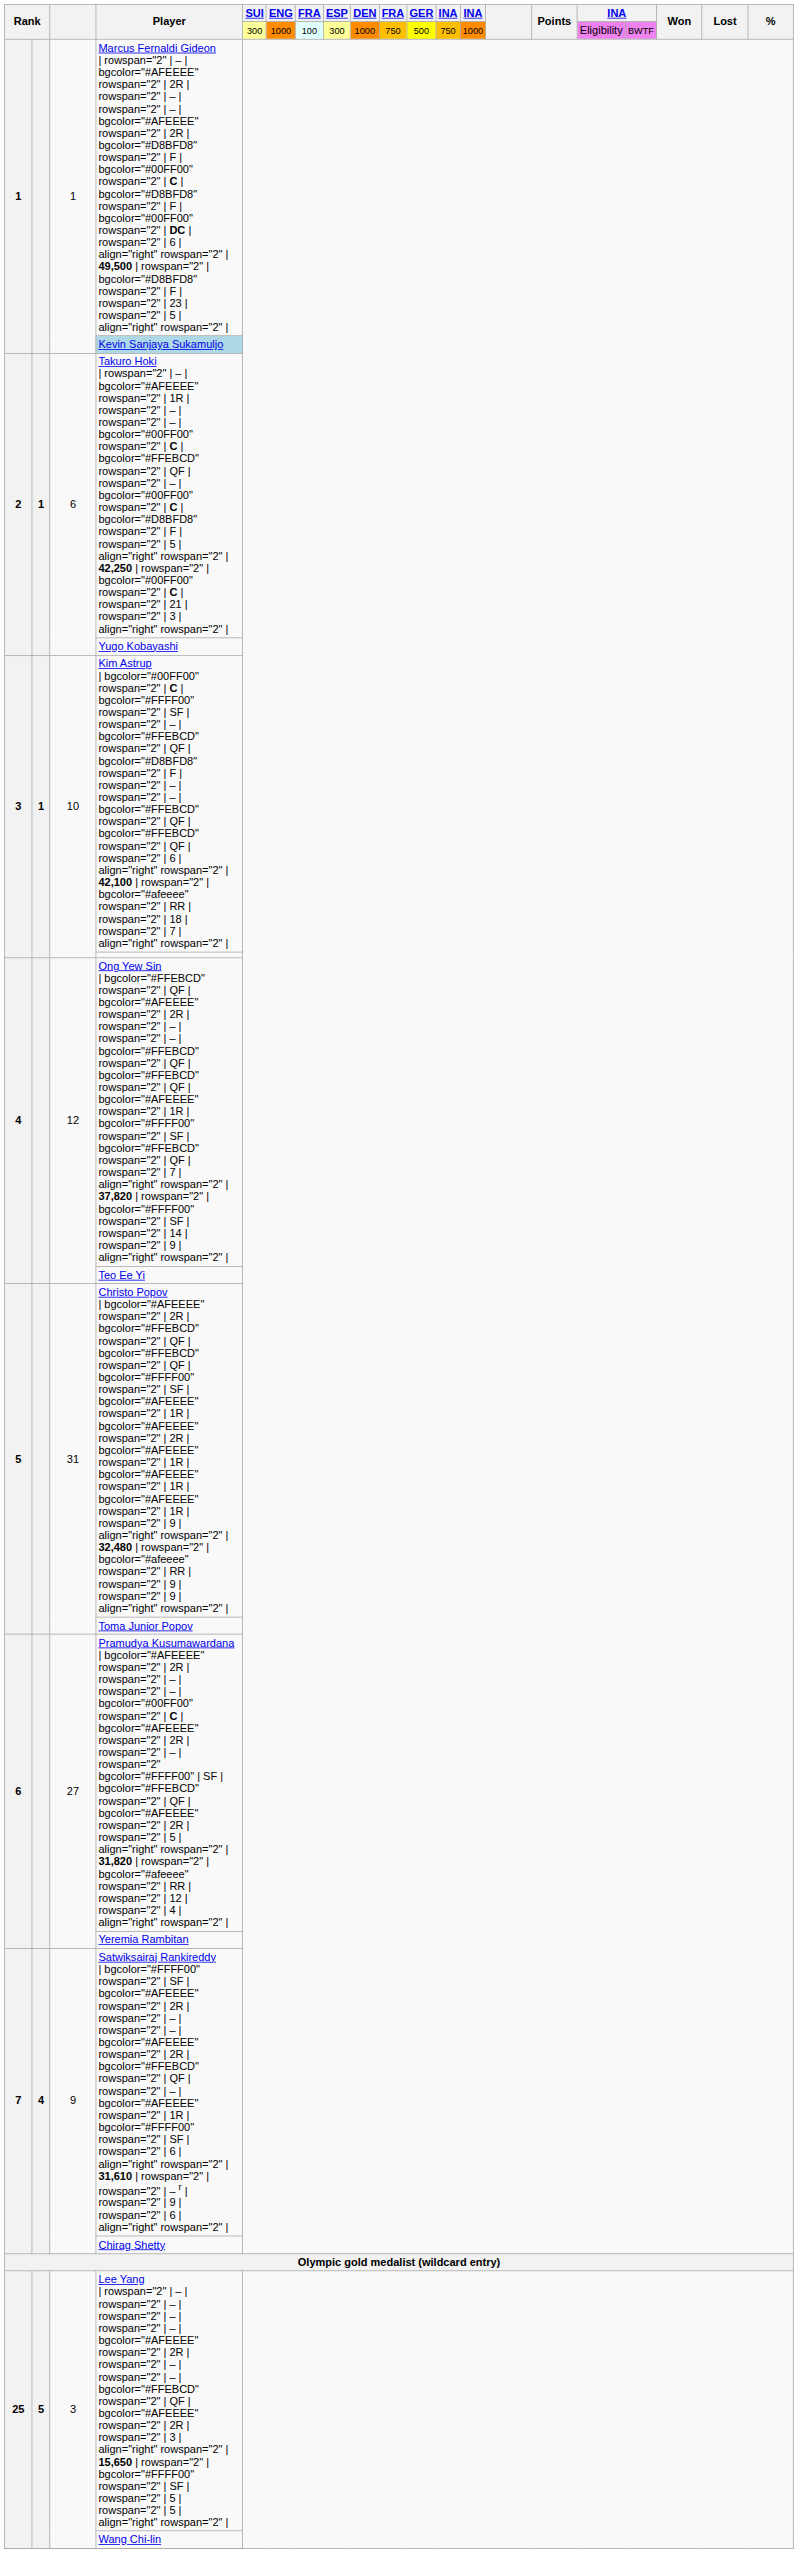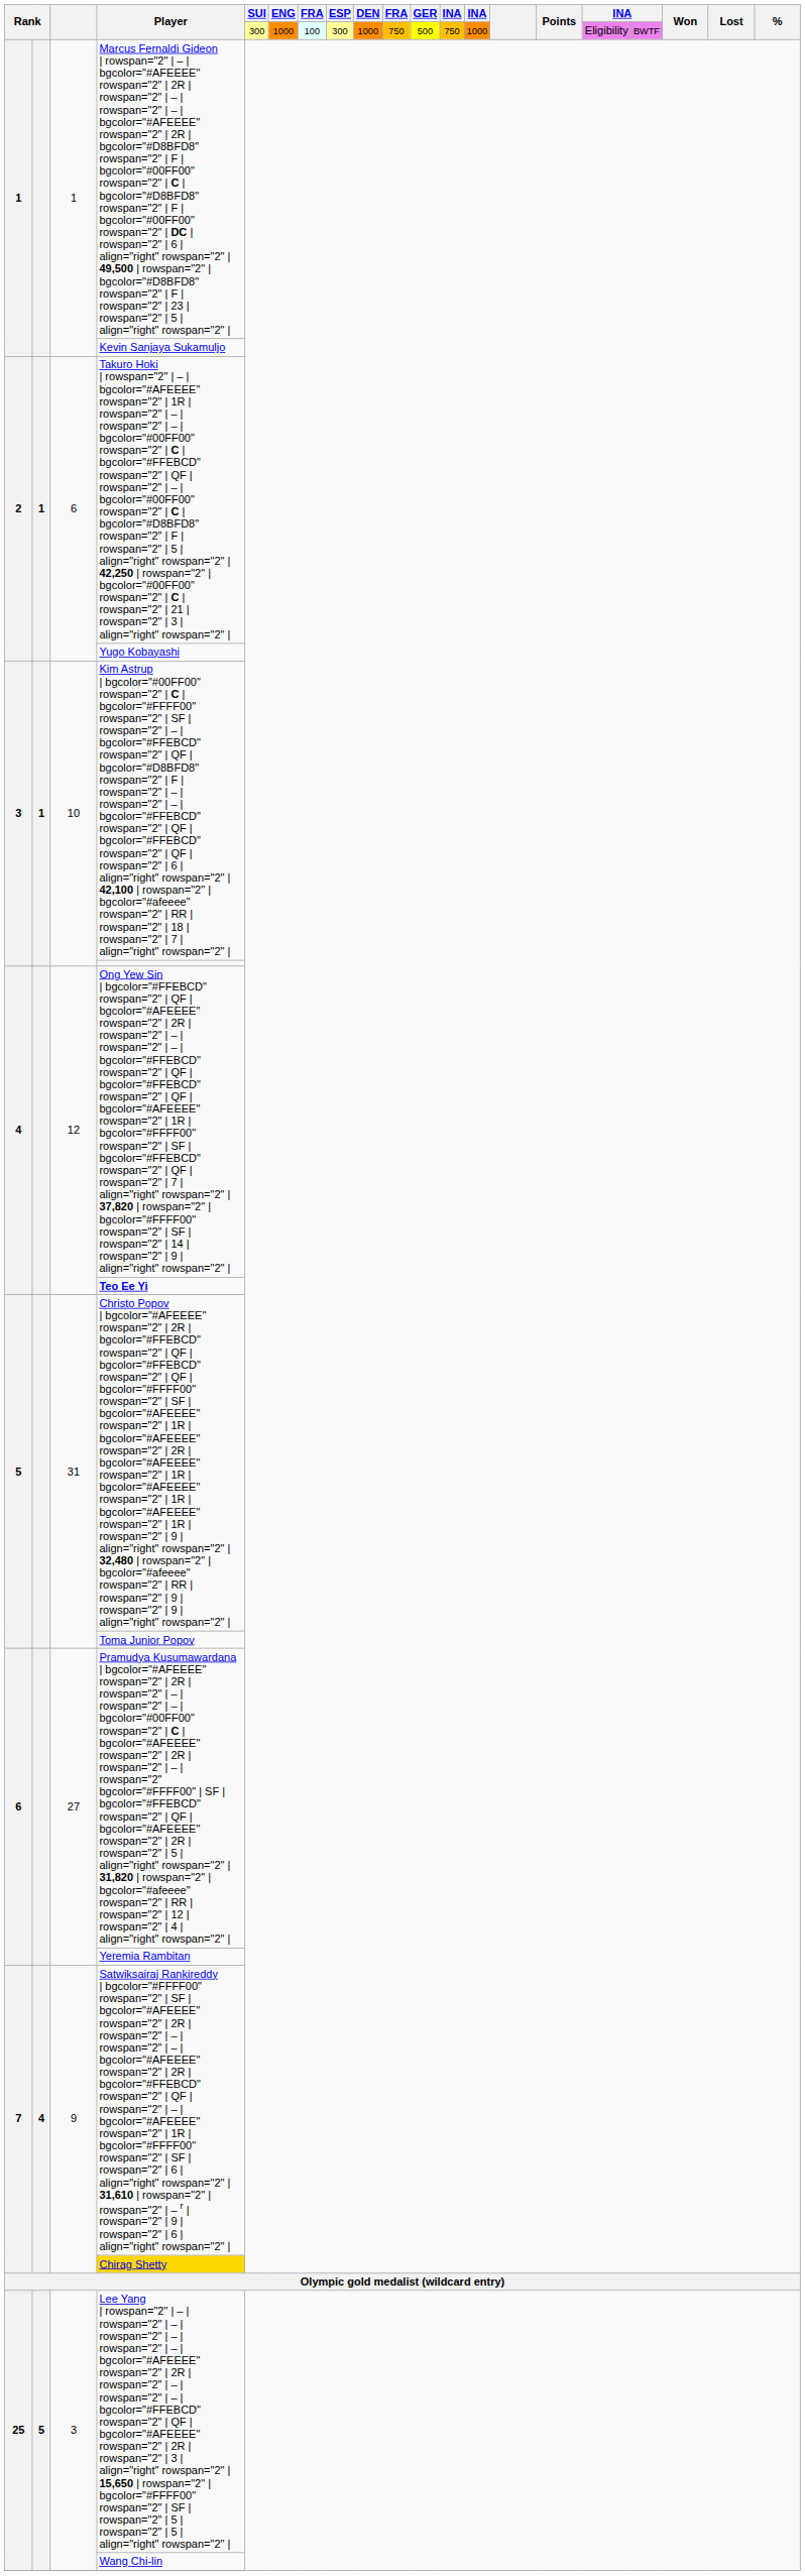 <table class="wikitable" style="font-size:85%; text-align:center">
 <tr>
 <th colspan="2" rowspan="2" width="50">Rank</th>
 <th rowspan="2" width="50"></th>
 <th rowspan="2" width="175">Player</th>
 <th><a href='#'>SUI</a></th>
 <th><a href='#'>ENG</a></th>
 <th><a href='#'>FRA</a></th>
 <th><a href='#'>ESP</a></th>
 <th><a href='#'>DEN</a></th>
 <th><a href='#'>FRA</a></th>
 <th><a href='#'>GER</a></th>
 <th><a href='#'>INA</a></th>
 <th><a href='#'>INA</a></th>
 <th rowspan="2" width="50"></th>
 <th rowspan="2" width="50">Points</th>
 <th colspan="2"><a href='#'>INA</a></th>
 <th rowspan="2" width="50">Won</th>
 <th rowspan="2" width="50">Lost</th>
 <th rowspan="2" width="50">%</th>
 </tr>
 <tr>
 <td bgcolor="#FFFF99"><small>300</small></td>
 <td bgcolor="#FF8C00"><small>1000</small></td>
 <td bgcolor="#E0FFFF"><small>100</small></td>
 <td bgcolor="#FFFF99"><small>300</small></td>
 <td bgcolor="#FF8C00"><small>1000</small></td>
 <td bgcolor="#FFBF00"><small>750</small></td>
 <td bgcolor="#FFFF00"><small>500</small></td>
 <td bgcolor="#FFBF00"><small>750</small></td>
 <td bgcolor="#FF8C00"><small>1000</small></td>
 <td bgcolor="#EE82EE">Eligibility</td>
 <td bgcolor="#EE82EE"><small>BWTF</small></td>
 </tr>
 <tr>
 <th rowspan="2">1</th>
 <th rowspan="2"></th>
 <td rowspan="2">1</td>
 <td align="left"> <a href='#'>Marcus Fernaldi Gideon</a><br>| rowspan="2" | – | bgcolor="#AFEEEE" rowspan="2" | 2R | rowspan="2" | – | rowspan="2" | – | bgcolor="#AFEEEE" rowspan="2" | 2R | bgcolor="#D8BFD8" rowspan="2" | F | bgcolor="#00FF00" rowspan="2" | <strong>C</strong> | bgcolor="#D8BFD8" rowspan="2" | F | bgcolor="#00FF00" rowspan="2" | <strong>DC</strong> | rowspan="2" | 6 | align="right" rowspan="2" | <strong>49,500</strong> | rowspan="2"   | bgcolor="#D8BFD8" rowspan="2" | F | rowspan="2" | 23 | rowspan="2" | 5 | align="right" rowspan="2" | </td>
 </tr>
 <tr>
-<td align="left" style="background: lightblue;"> <a href='#'>Kevin Sanjaya Sukamuljo</a></td>
+<td align="left"> <a href='#'>Kevin Sanjaya Sukamuljo</a></td>
 </tr>
 <tr>
 <th rowspan="2">2</th>
 <th rowspan="2"> 1</th>
 <td rowspan="2">6</td>
 <td align="left"> <a href='#'>Takuro Hoki</a><br>| rowspan="2" | – | bgcolor="#AFEEEE" rowspan="2" | 1R | rowspan="2" | – | rowspan="2" | – | bgcolor="#00FF00" rowspan="2" | <strong>C</strong> | bgcolor="#FFEBCD" rowspan="2" | QF | rowspan="2" | – | bgcolor="#00FF00" rowspan="2" | <strong>C</strong> | bgcolor="#D8BFD8" rowspan="2" | F | rowspan="2" | 5 | align="right" rowspan="2" | <strong>42,250</strong> | rowspan="2"   | bgcolor="#00FF00" rowspan="2" | <strong>C</strong> | rowspan="2" | 21 | rowspan="2" | 3 | align="right" rowspan="2" | </td>
 </tr>
 <tr>
 <td align="left"> <a href='#'>Yugo Kobayashi</a></td>
 </tr>
 <tr>
 <th rowspan="2">3</th>
 <th rowspan="2"> 1</th>
 <td rowspan="2">10</td>
 <td align="left"> <a href='#'>Kim Astrup</a><br>| bgcolor="#00FF00" rowspan="2" | <strong>C</strong> | bgcolor="#FFFF00" rowspan="2" | SF | rowspan="2" | – | bgcolor="#FFEBCD" rowspan="2" | QF | bgcolor="#D8BFD8" rowspan="2" | F | rowspan="2" | – | rowspan="2" | – | bgcolor="#FFEBCD" rowspan="2" | QF | bgcolor="#FFEBCD" rowspan="2" | QF | rowspan="2" | 6 | align="right" rowspan="2" | <strong>42,100</strong> | rowspan="2"    | bgcolor="#afeeee" rowspan="2" | RR | rowspan="2" | 18 | rowspan="2" | 7 | align="right" rowspan="2" | </td>
 </tr>
 <tr>
 <td align="left"></td>
 </tr>
 <tr>
 <th rowspan="2">4</th>
 <th rowspan="2"></th>
 <td rowspan="2">12</td>
 <td align="left"> <a href='#'>Ong Yew Sin</a><br>| bgcolor="#FFEBCD" rowspan="2" | QF | bgcolor="#AFEEEE" rowspan="2" | 2R | rowspan="2" | – | rowspan="2" | – | bgcolor="#FFEBCD" rowspan="2" | QF | bgcolor="#FFEBCD" rowspan="2" | QF | bgcolor="#AFEEEE" rowspan="2" | 1R | bgcolor="#FFFF00" rowspan="2" | SF | bgcolor="#FFEBCD" rowspan="2" | QF  | rowspan="2" | 7 | align="right" rowspan="2" | <strong>37,820</strong> | rowspan="2"    | bgcolor="#FFFF00" rowspan="2" | SF | rowspan="2" | 14 | rowspan="2" | 9 | align="right" rowspan="2" | </td>
 </tr>
 <tr>
-<td align="left"> <a href='#'>Teo Ee Yi</a></td>
+<td align="left"><strong> <a href='#'>Teo Ee Yi</a></strong></td>
 </tr>
 <tr>
 <th rowspan="2">5</th>
 <th rowspan="2"></th>
 <td rowspan="2">31</td>
 <td align="left"> <a href='#'>Christo Popov</a><br>| bgcolor="#AFEEEE" rowspan="2" | 2R | bgcolor="#FFEBCD" rowspan="2" | QF | bgcolor="#FFEBCD" rowspan="2" | QF | bgcolor="#FFFF00" rowspan="2" | SF | bgcolor="#AFEEEE" rowspan="2" | 1R | bgcolor="#AFEEEE" rowspan="2" | 2R | bgcolor="#AFEEEE" rowspan="2" | 1R | bgcolor="#AFEEEE" rowspan="2" | 1R | bgcolor="#AFEEEE" rowspan="2" | 1R | rowspan="2" | 9 | align="right" rowspan="2" | <strong>32,480</strong> | rowspan="2"   | bgcolor="#afeeee" rowspan="2" | RR | rowspan="2" | 9 | rowspan="2" | 9 | align="right" rowspan="2" | </td>
 </tr>
 <tr>
 <td align="left"> <a href='#'>Toma Junior Popov</a></td>
 </tr>
 <tr>
 <th rowspan="2">6</th>
 <th rowspan="2"></th>
 <td rowspan="2">27</td>
 <td align="left"> <a href='#'>Pramudya Kusumawardana</a><br>| bgcolor="#AFEEEE" rowspan="2" | 2R | rowspan="2" | – | rowspan="2" | – | bgcolor="#00FF00" rowspan="2" | <strong>C</strong> | bgcolor="#AFEEEE" rowspan="2" | 2R | rowspan="2" | – | rowspan="2" bgcolor="#FFFF00" | SF | bgcolor="#FFEBCD" rowspan="2" | QF | bgcolor="#AFEEEE" rowspan="2" | 2R | rowspan="2" | 5 | align="right" rowspan="2" | <strong>31,820</strong> | rowspan="2"  | bgcolor="#afeeee" rowspan="2" | RR | rowspan="2" | 12 | rowspan="2" | 4 | align="right" rowspan="2" | </td>
 </tr>
 <tr>
 <td align="left"> <a href='#'>Yeremia Rambitan</a></td>
 </tr>
 <tr>
 <th rowspan="2">7</th>
 <th rowspan="2"> 4</th>
 <td rowspan="2">9</td>
 <td align="left"> <a href='#'>Satwiksairaj Rankireddy</a><br>| bgcolor="#FFFF00" rowspan="2" | SF | bgcolor="#AFEEEE" rowspan="2" | 2R | rowspan="2" | – | rowspan="2" | – | bgcolor="#AFEEEE" rowspan="2" | 2R | bgcolor="#FFEBCD" rowspan="2" | QF | rowspan="2" | – | bgcolor="#AFEEEE" rowspan="2" | 1R | bgcolor="#FFFF00" rowspan="2" | SF | rowspan="2" | 6 | align="right" rowspan="2" | <strong>31,610</strong> | rowspan="2"   | rowspan="2" | – <sup>r</sup> | rowspan="2" | 9 | rowspan="2" | 6 | align="right" rowspan="2" | </td>
 </tr>
 <tr>
-<td align="left"> <a href='#'>Chirag Shetty</a></td>
+<td align="left" style="background: gold;"> <a href='#'>Chirag Shetty</a></td>
 </tr>
 <tr>
 <th colspan="43">Olympic gold medalist (wildcard entry)</th>
 </tr>
 <tr>
 <th rowspan="2">25</th>
 <th rowspan="2" nowrap> 5</th>
 <td rowspan="2">3</td>
 <td align="left"> <a href='#'>Lee Yang</a><br>| rowspan="2" | – | rowspan="2" | – | rowspan="2" | – | rowspan="2" | – | bgcolor="#AFEEEE" rowspan="2" | 2R | rowspan="2" | – | rowspan="2" | – | bgcolor="#FFEBCD" rowspan="2" | QF | bgcolor="#AFEEEE" rowspan="2" | 2R | rowspan="2" | 3 | align="right" rowspan="2" | <strong>15,650</strong> | rowspan="2"  | bgcolor="#FFFF00" rowspan="2" | SF | rowspan="2" | 5 | rowspan="2" | 5 | align="right" rowspan="2" | </td>
 </tr>
 <tr>
 <td align="left"> <a href='#'>Wang Chi-lin</a></td>
 </tr>
 <tr>
 </tr>
 </table>
